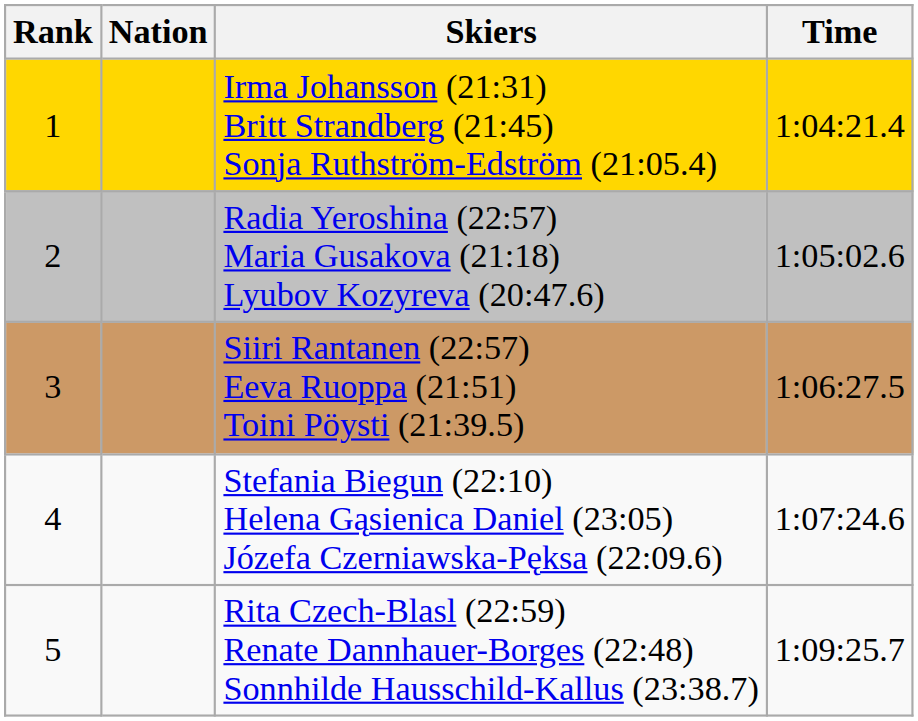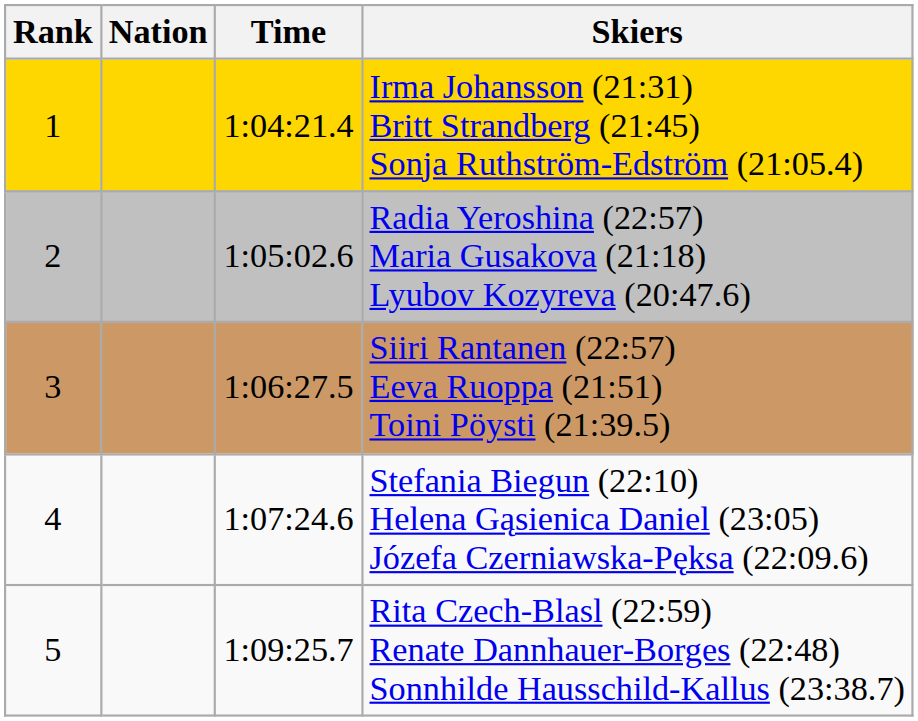 <table class="wikitable sortable" style="text-align:center">
 <tr>
 <th>Rank</th>
 <th>Nation</th>
+<th>Time</th>
 <th>Skiers</th>
-<th>Time</th>
 </tr>
 <tr bgcolor=gold>
 <td>1</td>
 <td align="left"></td>
+<td>1:04:21.4</td>
 <td align="left"><a href='#'>Irma Johansson</a> (21:31)<br> <a href='#'>Britt Strandberg</a> (21:45)<br> <a href='#'>Sonja Ruthström-Edström</a> (21:05.4)</td>
-<td>1:04:21.4</td>
 </tr>
 <tr bgcolor=silver>
 <td>2</td>
 <td align="left"></td>
+<td>1:05:02.6</td>
 <td align="left"><a href='#'>Radia Yeroshina</a> (22:57)<br> <a href='#'>Maria Gusakova</a> (21:18)<br> <a href='#'>Lyubov Kozyreva</a> (20:47.6)</td>
-<td>1:05:02.6</td>
 </tr>
 <tr bgcolor=#CC9966>
 <td>3</td>
 <td align="left"></td>
+<td>1:06:27.5</td>
 <td align="left"><a href='#'>Siiri Rantanen</a> (22:57)<br> <a href='#'>Eeva Ruoppa</a> (21:51)<br> <a href='#'>Toini Pöysti</a> (21:39.5)</td>
-<td>1:06:27.5</td>
 </tr>
 <tr>
 <td>4</td>
 <td align="left"></td>
+<td>1:07:24.6</td>
 <td align="left"><a href='#'>Stefania Biegun</a> (22:10)<br> <a href='#'>Helena Gąsienica Daniel</a> (23:05)<br> <a href='#'>Józefa Czerniawska-Pęksa</a> (22:09.6)</td>
-<td>1:07:24.6</td>
 </tr>
 <tr>
 <td>5</td>
 <td align="left"></td>
+<td>1:09:25.7</td>
 <td align="left"><a href='#'>Rita Czech-Blasl</a> (22:59)<br> <a href='#'>Renate Dannhauer-Borges</a> (22:48)<br> <a href='#'>Sonnhilde Hausschild-Kallus</a> (23:38.7)</td>
-<td>1:09:25.7</td>
 </tr>
 </table>
